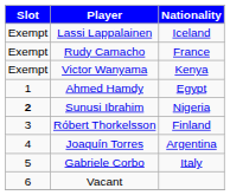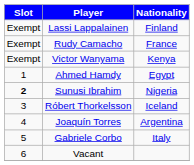 <table class="wikitable" style="text-align:center; margin-left:1em; font-size:85%;">
 <tr>
 <th style="background:#00f; color:white; text-align:center;">Slot</th>
 <th style="background:#00f; color:white; text-align:center;">Player</th>
 <th style="background:#00f; color:white; text-align:center;">Nationality</th>
 </tr>
 <tr>
 <td>Exempt</td>
 <td><a href='#'>Lassi Lappalainen</a></td>
-<td> <a href='#'>Iceland</a></td>
+<td> <a href='#'>Finland</a></td>
 </tr>
 <tr>
 <td>Exempt</td>
 <td><a href='#'>Rudy Camacho</a></td>
 <td> <a href='#'>France</a></td>
 </tr>
 <tr>
 <td>Exempt</td>
 <td><a href='#'>Victor Wanyama</a></td>
 <td> <a href='#'>Kenya</a></td>
 </tr>
 <tr>
 <td>1</td>
 <td><a href='#'>Ahmed Hamdy</a></td>
 <td> <a href='#'>Egypt</a></td>
 </tr>
 <tr>
 <td><strong>2</strong></td>
 <td><a href='#'>Sunusi Ibrahim</a></td>
 <td> <a href='#'>Nigeria</a></td>
 </tr>
 <tr>
 <td>3</td>
 <td><a href='#'>Róbert Thorkelsson</a></td>
-<td> <a href='#'>Finland</a></td>
+<td> <a href='#'>Iceland</a></td>
 </tr>
 <tr>
 <td>4</td>
 <td><a href='#'>Joaquín Torres</a></td>
 <td> <a href='#'>Argentina</a></td>
 </tr>
 <tr>
 <td>5</td>
 <td><a href='#'>Gabriele Corbo</a></td>
 <td> <a href='#'>Italy</a></td>
 </tr>
 <tr>
 <td>6</td>
 <td>Vacant</td>
 <td></td>
 </tr>
 <tr>
 </tr>
 </table>
